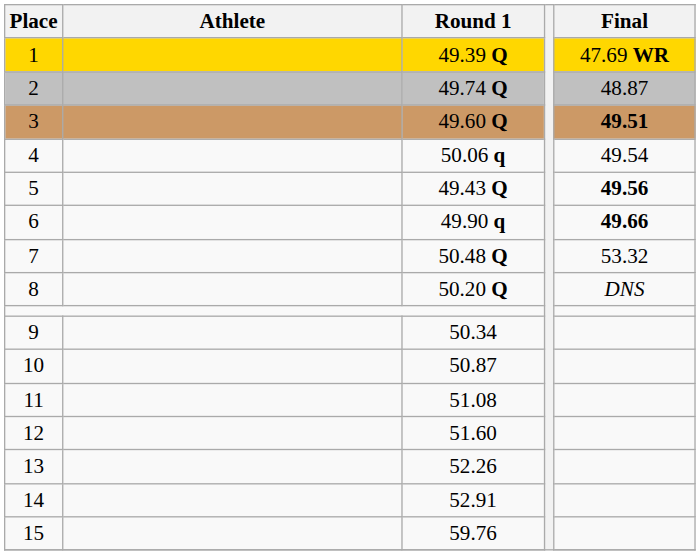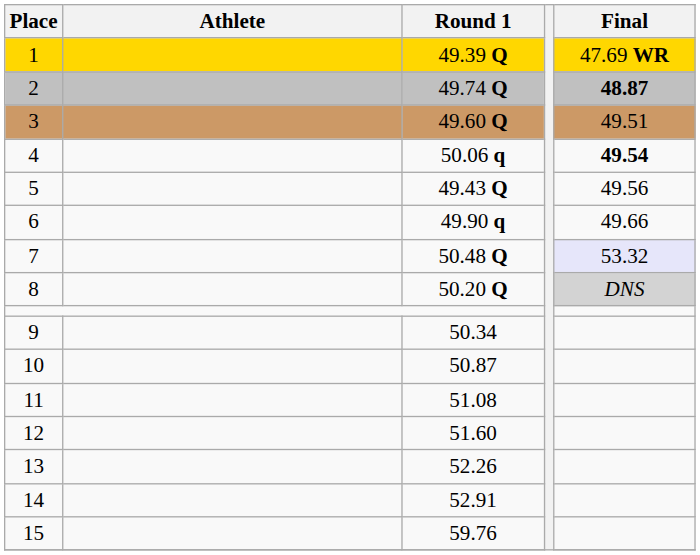 <table class="wikitable" style="text-align:center">
 <tr>
 <th>Place</th>
 <th width=250>Athlete</th>
 <th width=100>Round 1</th>
 <th rowspan=31></th>
 <th width=100>Final</th>
 </tr>
 <tr bgcolor=gold>
 <td>1</td>
 <td align=left></td>
 <td>49.39 <strong>Q</strong></td>
 <td>47.69 <strong>WR</strong></td>
 </tr>
 <tr bgcolor=silver>
 <td>2</td>
 <td align=left></td>
 <td>49.74 <strong>Q</strong></td>
-<td>48.87</td>
+<td><strong>48.87</strong></td>
 </tr>
 <tr bgcolor=cc9966>
 <td>3</td>
 <td align=left></td>
 <td>49.60 <strong>Q</strong></td>
-<td><strong>49.51</strong></td>
+<td>49.51</td>
 </tr>
 <tr>
 <td>4</td>
 <td align=left></td>
 <td>50.06 <strong>q</strong></td>
-<td>49.54</td>
+<td><strong>49.54</strong></td>
 </tr>
 <tr>
 <td>5</td>
 <td align=left></td>
 <td>49.43 <strong>Q</strong></td>
-<td><strong>49.56</strong></td>
+<td>49.56</td>
 </tr>
 <tr>
 <td>6</td>
 <td align=left></td>
 <td>49.90 <strong>q</strong></td>
-<td><strong>49.66</strong></td>
+<td>49.66</td>
 </tr>
 <tr>
 <td>7</td>
 <td align=left></td>
 <td>50.48 <strong>Q</strong></td>
-<td>53.32</td>
+<td style="background: lavender;">53.32</td>
 </tr>
 <tr>
 <td>8</td>
 <td align=left></td>
 <td>50.20 <strong>Q</strong></td>
-<td><em>DNS</em></td>
+<td style="background: lightgrey;"><em>DNS</em></td>
 </tr>
 <tr>
 <td colspan=10></td>
 </tr>
 <tr>
 <td>9</td>
 <td align=left></td>
 <td>50.34</td>
 <td></td>
 </tr>
 <tr>
 <td>10</td>
 <td align=left></td>
 <td>50.87</td>
 <td></td>
 </tr>
 <tr>
 <td>11</td>
 <td align=left></td>
 <td>51.08</td>
 <td></td>
 </tr>
 <tr>
 <td>12</td>
 <td align=left></td>
 <td>51.60</td>
 <td></td>
 </tr>
 <tr>
 <td>13</td>
 <td align=left></td>
 <td>52.26</td>
 <td></td>
 </tr>
 <tr>
 <td>14</td>
 <td align=left></td>
 <td>52.91</td>
 <td></td>
 </tr>
 <tr>
 <td>15</td>
 <td align=left></td>
 <td>59.76</td>
 <td></td>
 </tr>
 <tr>
 </tr>
 </table>
